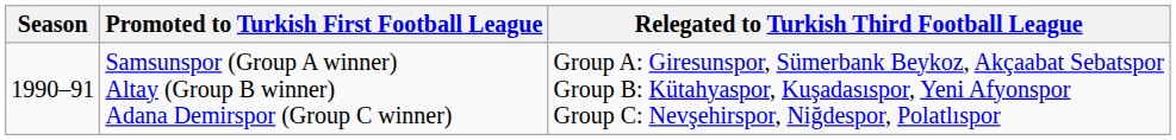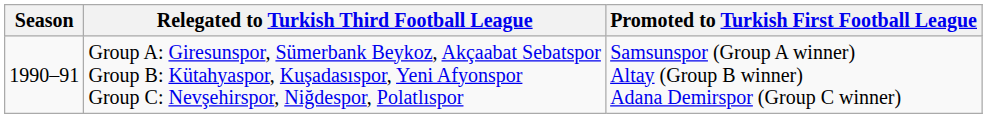 <table class="wikitable">
 <tr>
 <th>Season</th>
+<th>Relegated to <a href='#'>Turkish Third Football League</a></th>
 <th>Promoted to <a href='#'>Turkish First Football League</a></th>
-<th>Relegated to <a href='#'>Turkish Third Football League</a></th>
 </tr>
 <tr>
 <td>1990–91</td>
+<td>Group A: <a href='#'>Giresunspor</a>, <a href='#'>Sümerbank Beykoz</a>, <a href='#'>Akçaabat Sebatspor</a><br>Group B: <a href='#'>Kütahyaspor</a>, <a href='#'>Kuşadasıspor</a>, <a href='#'>Yeni Afyonspor</a><br>Group C: <a href='#'>Nevşehirspor</a>, <a href='#'>Niğdespor</a>, <a href='#'>Polatlıspor</a></td>
 <td><a href='#'>Samsunspor</a> (Group A winner)<br><a href='#'>Altay</a> (Group B winner)<br><a href='#'>Adana Demirspor</a> (Group C winner)</td>
-<td>Group A: <a href='#'>Giresunspor</a>, <a href='#'>Sümerbank Beykoz</a>, <a href='#'>Akçaabat Sebatspor</a><br>Group B: <a href='#'>Kütahyaspor</a>, <a href='#'>Kuşadasıspor</a>, <a href='#'>Yeni Afyonspor</a><br>Group C: <a href='#'>Nevşehirspor</a>, <a href='#'>Niğdespor</a>, <a href='#'>Polatlıspor</a></td>
 </tr>
 </table>
